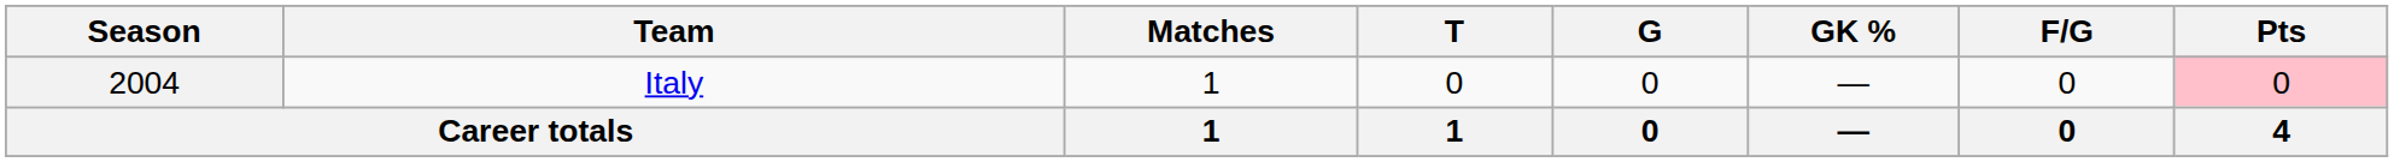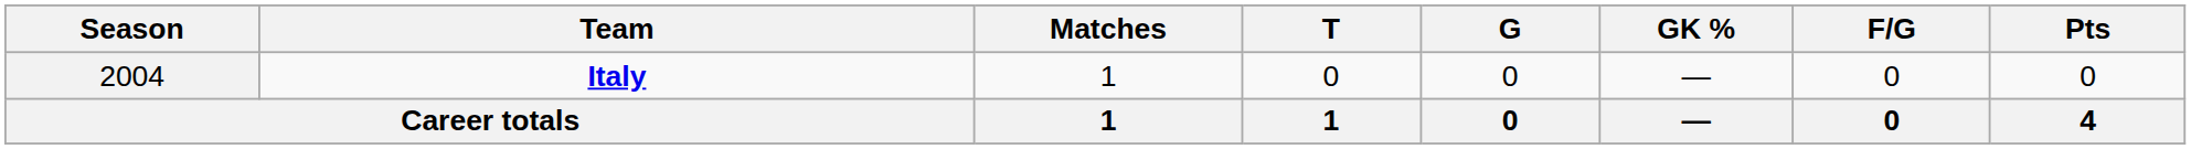 <table class="wikitable sortable"  style="font-size:90%; text-align:center; width:85%;">
 <tr>
 <th width=2%>Season</th>
 <th width=8%>Team</th>
 <th width=2%>Matches</th>
 <th width=2%>T</th>
 <th width=2%>G</th>
 <th width=2%>GK %</th>
 <th width=2%>F/G</th>
 <th width=2%>Pts</th>
 </tr>
 <tr>
 <th scope="row" style="text-align:center; font-weight:normal">2004</th>
-<td style="text-align:center;"> <a href='#'>Italy</a></td>
+<td style="text-align:center;"><strong> <a href='#'>Italy</a></strong></td>
 <td>1</td>
 <td>0</td>
 <td>0</td>
 <td>—</td>
 <td>0</td>
-<td style="background: pink;">0</td>
+<td>0</td>
 </tr>
 <tr class="sortbottom">
 <th colspan=2>Career totals</th>
 <th>1</th>
 <th>1</th>
 <th>0</th>
 <th>—</th>
 <th>0</th>
 <th>4</th>
 </tr>
 </table>
